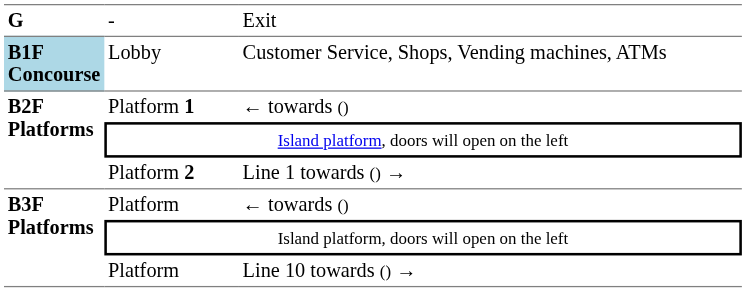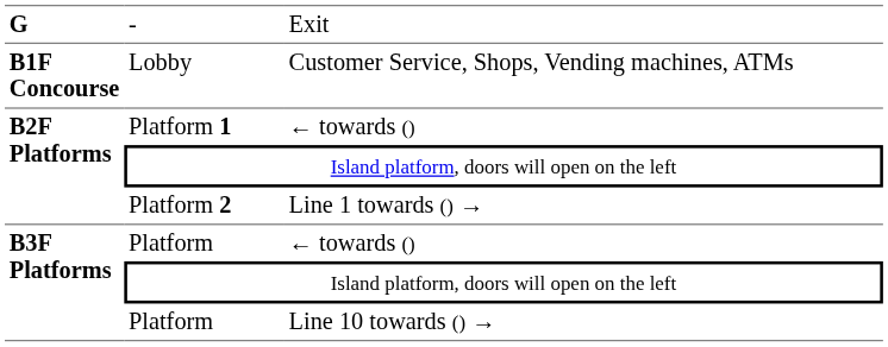 <table table border=0 cellspacing=0 cellpadding=3>
 <tr>
 <td style="border-top:solid 1px gray;" width=50 valign=top><strong>G</strong></td>
 <td style="border-top:solid 1px gray;" width=100 valign=top>-</td>
 <td style="border-top:solid 1px gray;" width=390 valign=top>Exit</td>
 </tr>
 <tr>
-<td style="background: lightblue; border-bottom:solid 1px gray; border-top:solid 1px gray;" valign=top width=50><strong>B1F<br>Concourse</strong></td>
+<td style="border-bottom:solid 1px gray; border-top:solid 1px gray;" valign=top width=50><strong>B1F<br>Concourse</strong></td>
 <td style="border-bottom:solid 1px gray; border-top:solid 1px gray;" valign=top width=100>Lobby</td>
 <td style="border-bottom:solid 1px gray; border-top:solid 1px gray;" valign=top width=390>Customer Service, Shops, Vending machines, ATMs</td>
 </tr>
 <tr>
 <td style="border-bottom:solid 1px gray;" rowspan=3 valign=top><strong>B2F<br>Platforms</strong></td>
 <td>Platform <strong>1</strong></td>
 <td>←  towards  <small>()</small></td>
 </tr>
 <tr>
 <td style="border-right:solid 2px black;border-left:solid 2px black;border-top:solid 2px black;border-bottom:solid 2px black;text-align:center;" colspan=2><small><a href='#'>Island platform</a>, doors will open on the left</small></td>
 </tr>
 <tr>
 <td style="border-bottom:solid 1px gray;">Platform <strong>2</strong></td>
 <td style="border-bottom:solid 1px gray;">  Line 1 towards  <small>()</small> →</td>
 </tr>
 <tr>
 <td style="border-bottom:solid 1px gray;" rowspan="6" valign=top><strong>B3F<br>Platforms</strong></td>
 <td>Platform</td>
 <td>←  towards  <small>()</small></td>
 </tr>
 <tr>
 <td style="border-right:solid 2px black;border-left:solid 2px black;border-top:solid 2px black;border-bottom:solid 2px black;text-align:center;" colspan=2><small>Island platform, doors will open on the left</small></td>
 </tr>
 <tr>
 <td style="border-bottom:solid 1px gray;">Platform</td>
 <td style="border-bottom:solid 1px gray;">  Line 10 towards  <small>()</small><em> →</td>
 </tr>
 </table>
